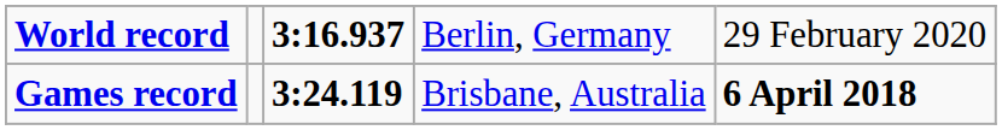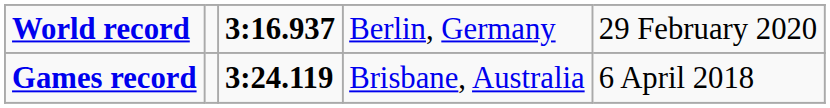 <table class="wikitable">
 <tr>
 <td><a href='#'> <strong>World record</strong></a></td>
 <td></td>
 <td><strong>3:16.937</strong></td>
 <td><a href='#'>Berlin</a>, <a href='#'>Germany</a></td>
 <td>29 February 2020</td>
 </tr>
 <tr>
 <td><a href='#'> <strong>Games record</strong></a></td>
 <td></td>
 <td><strong>3:24.119</strong></td>
 <td><a href='#'>Brisbane</a>, <a href='#'>Australia</a></td>
-<td><strong>6 April 2018</strong></td>
+<td>6 April 2018</td>
 </tr>
 </table>
